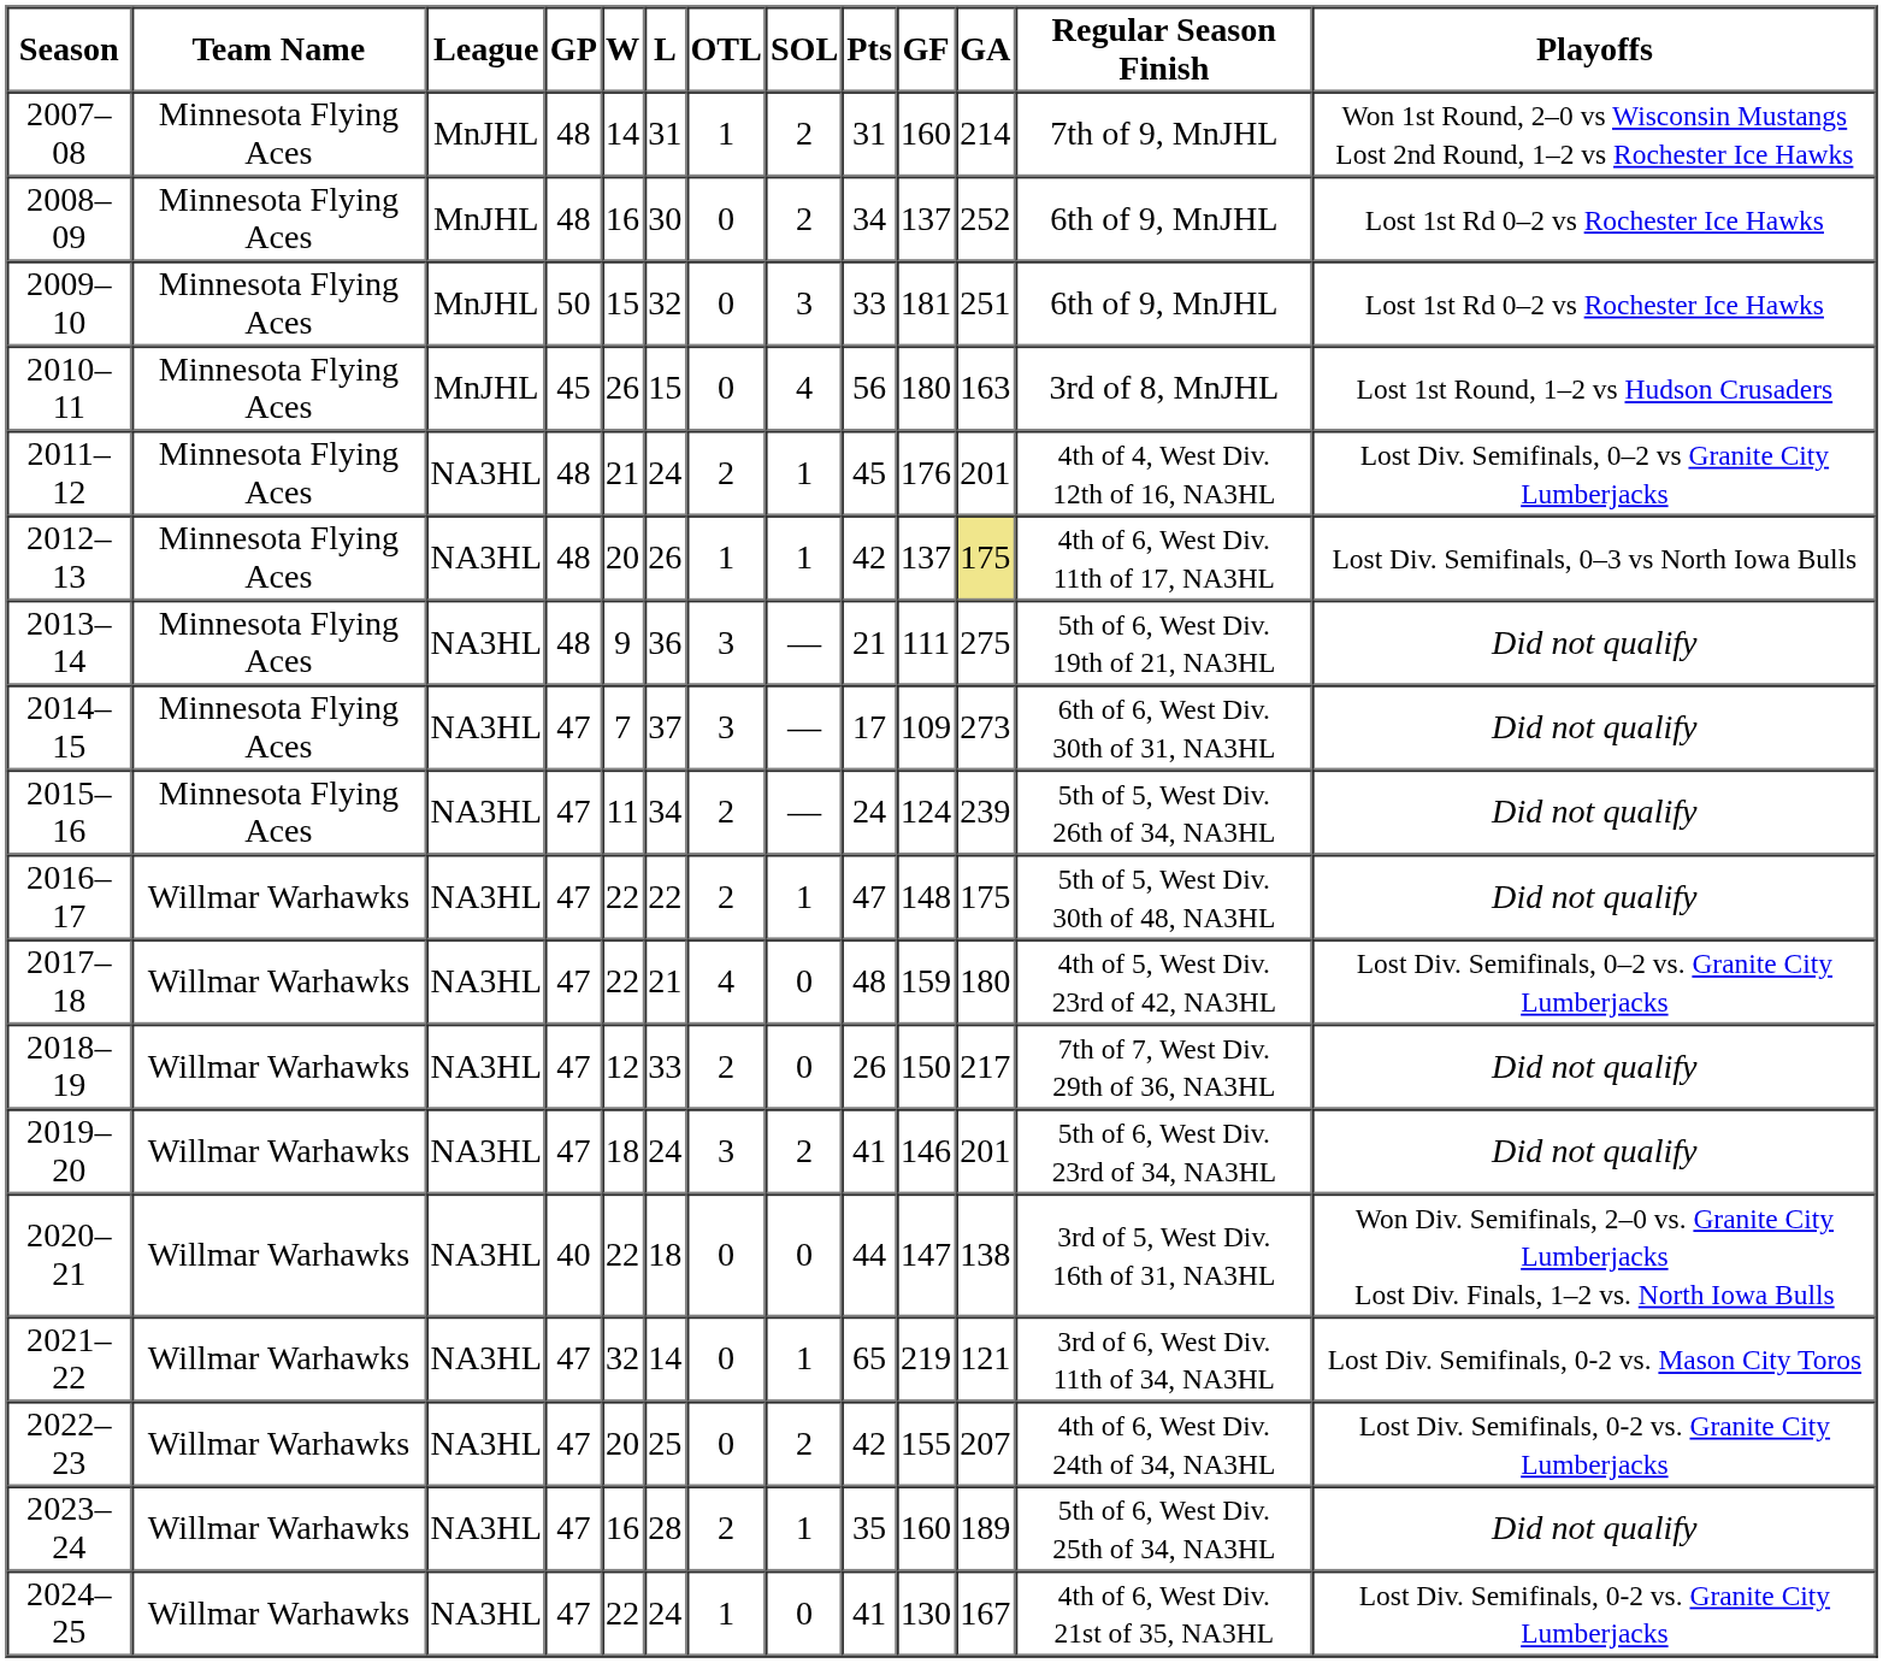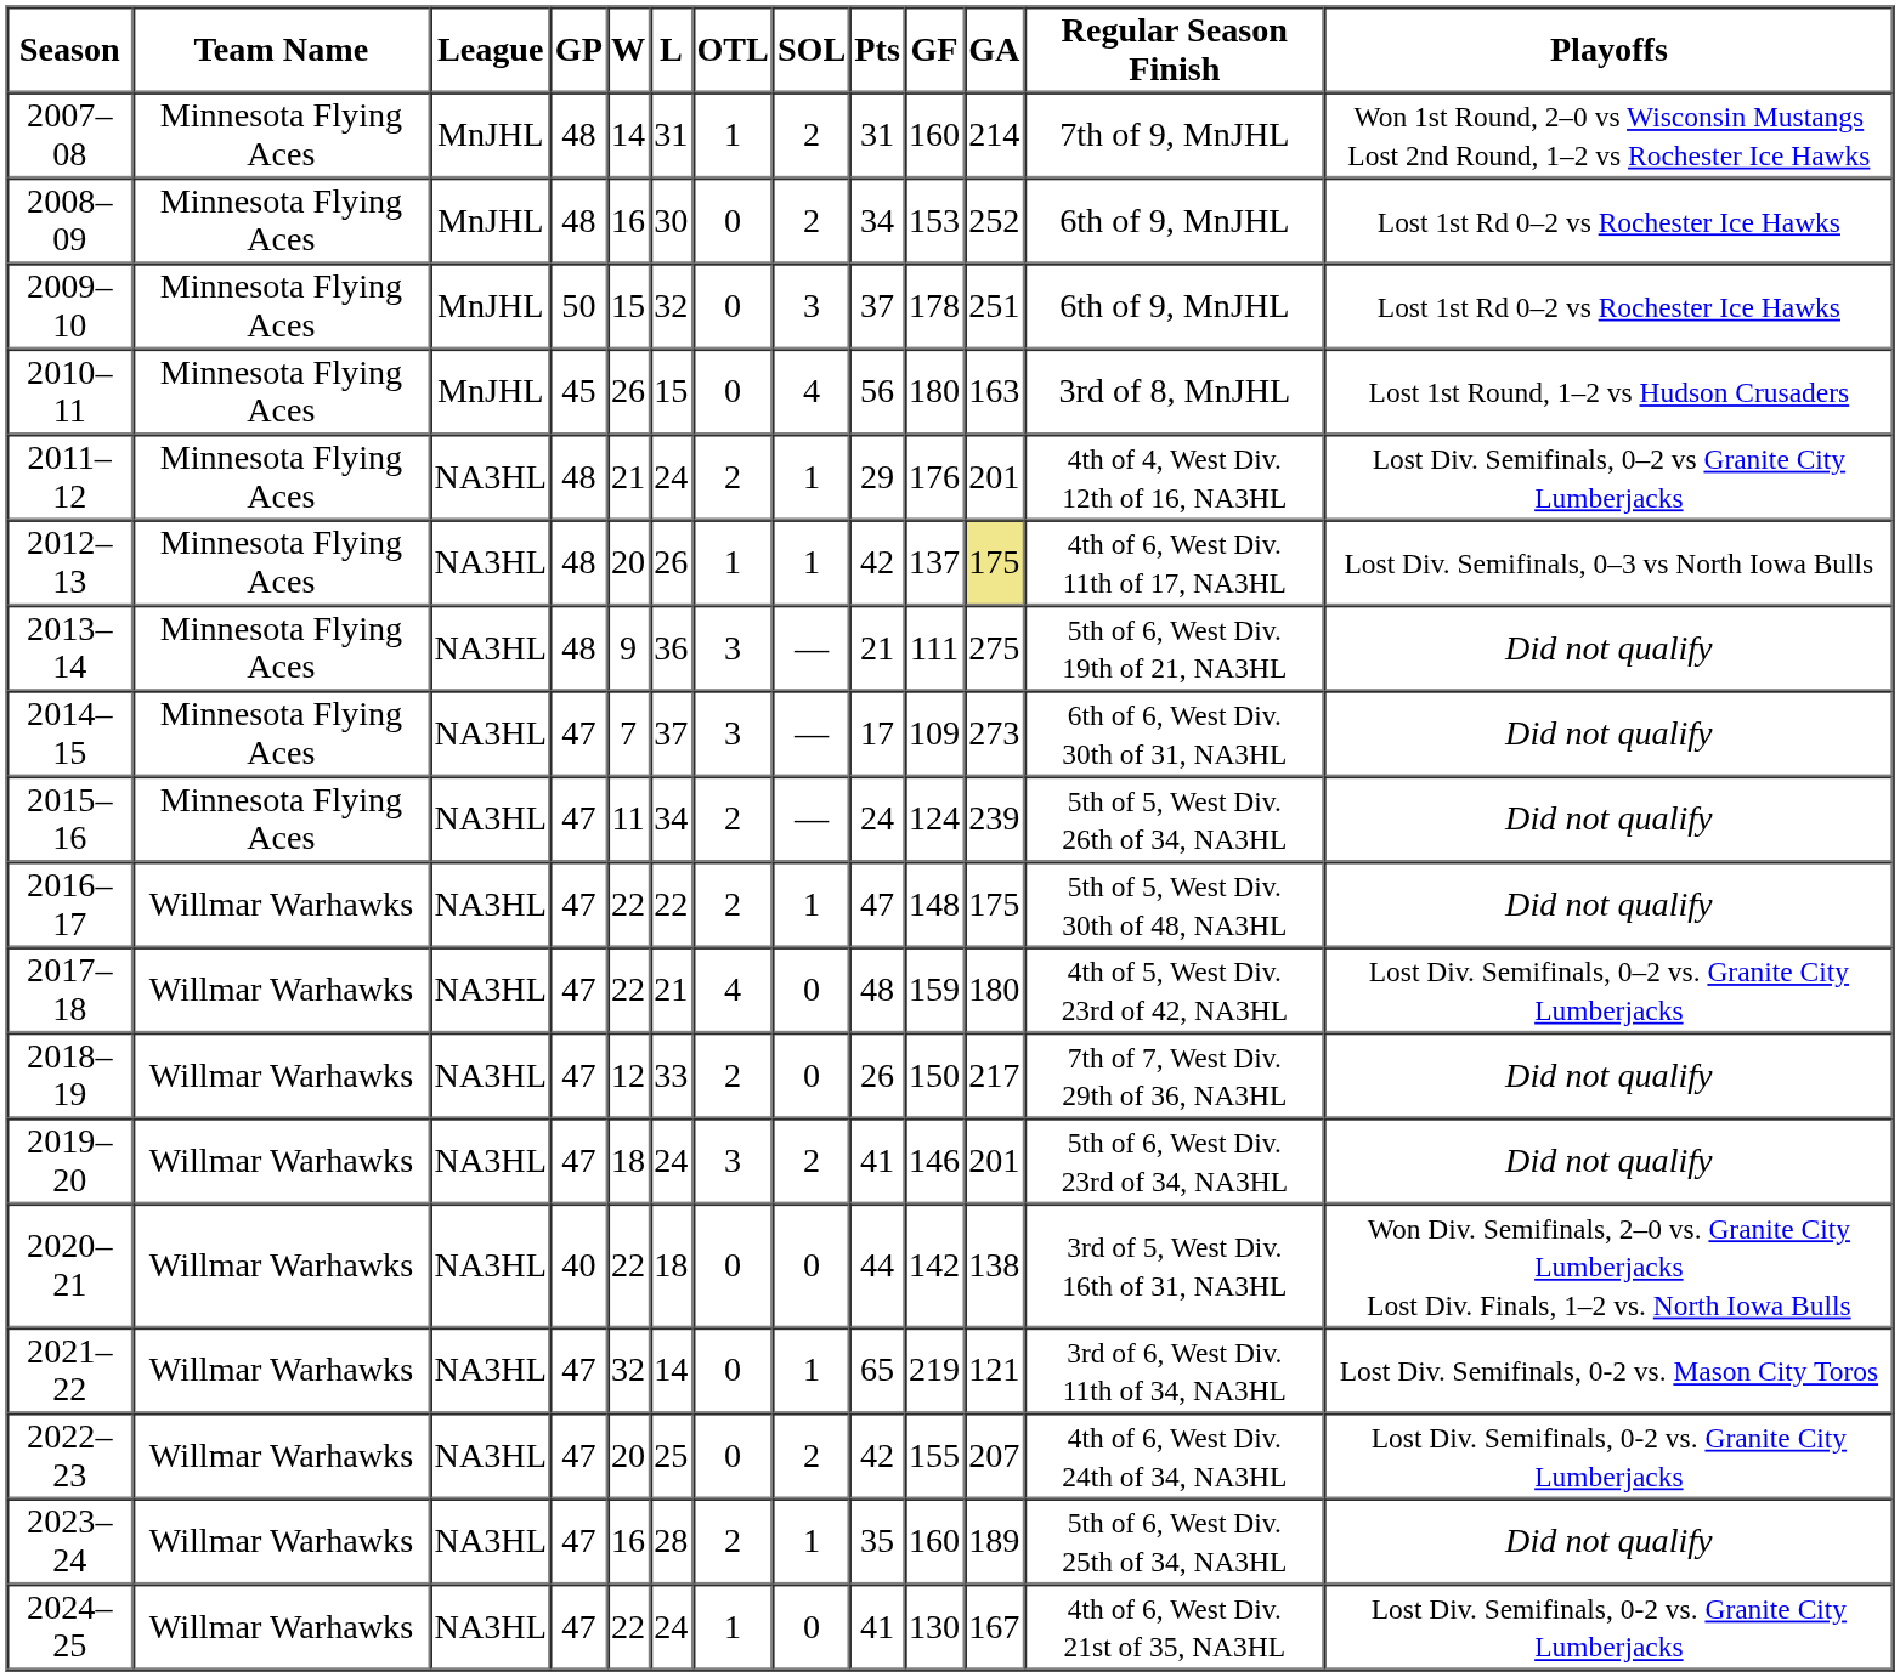 <table cellpadding="1" border="1" cellspacing="0" width="100%">
 <tr align="center">
 <th>Season</th>
 <th>Team Name</th>
 <th>League</th>
 <th>GP</th>
 <th>W</th>
 <th>L</th>
 <th>OTL</th>
 <th>SOL</th>
 <th>Pts</th>
 <th>GF</th>
 <th>GA</th>
 <th>Regular Season Finish</th>
 <th>Playoffs</th>
 </tr>
 <tr align="center">
 <td>2007–08</td>
 <td>Minnesota Flying Aces</td>
 <td>MnJHL</td>
 <td>48</td>
 <td>14</td>
 <td>31</td>
 <td>1</td>
 <td>2</td>
 <td>31</td>
 <td>160</td>
 <td>214</td>
 <td>7th of 9, MnJHL</td>
 <td><small>Won 1st Round, 2–0 vs <a href='#'>Wisconsin Mustangs</a><br>Lost 2nd Round, 1–2 vs <a href='#'>Rochester Ice Hawks</a></small></td>
 </tr>
 <tr align="center">
 <td>2008–09</td>
 <td>Minnesota Flying Aces</td>
 <td>MnJHL</td>
 <td>48</td>
 <td>16</td>
 <td>30</td>
 <td>0</td>
 <td>2</td>
 <td>34</td>
-<td>137</td>
+<td>153</td>
 <td>252</td>
 <td>6th of 9, MnJHL</td>
 <td><small>Lost 1st Rd 0–2 vs <a href='#'>Rochester Ice Hawks</a></small></td>
 </tr>
 <tr align="center">
 <td>2009–10</td>
 <td>Minnesota Flying Aces</td>
 <td>MnJHL</td>
 <td>50</td>
 <td>15</td>
 <td>32</td>
 <td>0</td>
 <td>3</td>
-<td>33</td>
-<td>181</td>
+<td>37</td>
+<td>178</td>
 <td>251</td>
 <td>6th of 9, MnJHL</td>
 <td><small>Lost 1st Rd 0–2 vs <a href='#'>Rochester Ice Hawks</a></small></td>
 </tr>
 <tr align="center">
 <td>2010–11</td>
 <td>Minnesota Flying Aces</td>
 <td>MnJHL</td>
 <td>45</td>
 <td>26</td>
 <td>15</td>
 <td>0</td>
 <td>4</td>
 <td>56</td>
 <td>180</td>
 <td>163</td>
 <td>3rd of 8, MnJHL</td>
 <td><small>Lost 1st Round, 1–2 vs <a href='#'>Hudson Crusaders</a></small></td>
 </tr>
 <tr align="center">
 <td>2011–12</td>
 <td>Minnesota Flying Aces</td>
 <td>NA3HL</td>
 <td>48</td>
 <td>21</td>
 <td>24</td>
 <td>2</td>
 <td>1</td>
-<td>45</td>
+<td>29</td>
 <td>176</td>
 <td>201</td>
 <td><small>4th of 4, West Div.<br>12th of 16, NA3HL</small></td>
 <td><small>Lost Div. Semifinals, 0–2 vs <a href='#'>Granite City Lumberjacks</a></small></td>
 </tr>
 <tr align="center">
 <td>2012–13</td>
 <td>Minnesota Flying Aces</td>
 <td>NA3HL</td>
 <td>48</td>
 <td>20</td>
 <td>26</td>
 <td>1</td>
 <td>1</td>
 <td>42</td>
 <td>137</td>
 <td style="background: khaki;">175</td>
 <td><small>4th of 6, West Div.<br>11th of 17, NA3HL</small></td>
 <td><small>Lost Div. Semifinals, 0–3 vs North Iowa Bulls</small></td>
 </tr>
 <tr align="center">
 <td>2013–14</td>
 <td>Minnesota Flying Aces</td>
 <td>NA3HL</td>
 <td>48</td>
 <td>9</td>
 <td>36</td>
 <td>3</td>
 <td>—</td>
 <td>21</td>
 <td>111</td>
 <td>275</td>
 <td><small>5th of 6, West Div.<br>19th of 21, NA3HL</small></td>
 <td><em>Did not qualify</em></td>
 </tr>
 <tr align="center">
 <td>2014–15</td>
 <td>Minnesota Flying Aces</td>
 <td>NA3HL</td>
 <td>47</td>
 <td>7</td>
 <td>37</td>
 <td>3</td>
 <td>—</td>
 <td>17</td>
 <td>109</td>
 <td>273</td>
 <td><small>6th of 6, West Div.<br>30th of 31, NA3HL</small></td>
 <td><em>Did not qualify</em></td>
 </tr>
 <tr align="center">
 <td>2015–16</td>
 <td>Minnesota Flying Aces</td>
 <td>NA3HL</td>
 <td>47</td>
 <td>11</td>
 <td>34</td>
 <td>2</td>
 <td>—</td>
 <td>24</td>
 <td>124</td>
 <td>239</td>
 <td><small>5th of 5, West Div.<br>26th of 34, NA3HL</small></td>
 <td><em>Did not qualify</em></td>
 </tr>
 <tr align="center">
 <td>2016–17</td>
 <td>Willmar Warhawks</td>
 <td>NA3HL</td>
 <td>47</td>
 <td>22</td>
 <td>22</td>
 <td>2</td>
 <td>1</td>
 <td>47</td>
 <td>148</td>
 <td>175</td>
 <td><small>5th of 5, West Div.<br>30th of 48, NA3HL</small></td>
 <td><em>Did not qualify</em></td>
 </tr>
 <tr align="center">
 <td>2017–18</td>
 <td>Willmar Warhawks</td>
 <td>NA3HL</td>
 <td>47</td>
 <td>22</td>
 <td>21</td>
 <td>4</td>
 <td>0</td>
 <td>48</td>
 <td>159</td>
 <td>180</td>
 <td><small>4th of 5, West Div.<br>23rd of 42, NA3HL</small></td>
 <td><small>Lost Div. Semifinals, 0–2 vs. <a href='#'>Granite City Lumberjacks</a></small></td>
 </tr>
 <tr align="center">
 <td>2018–19</td>
 <td>Willmar Warhawks</td>
 <td>NA3HL</td>
 <td>47</td>
 <td>12</td>
 <td>33</td>
 <td>2</td>
 <td>0</td>
 <td>26</td>
 <td>150</td>
 <td>217</td>
 <td><small>7th of 7, West Div.<br>29th of 36, NA3HL</small></td>
 <td><em>Did not qualify</em></td>
 </tr>
 <tr align="center">
 <td>2019–20</td>
 <td>Willmar Warhawks</td>
 <td>NA3HL</td>
 <td>47</td>
 <td>18</td>
 <td>24</td>
 <td>3</td>
 <td>2</td>
 <td>41</td>
 <td>146</td>
 <td>201</td>
 <td><small>5th of 6, West Div.<br>23rd of 34, NA3HL</small></td>
 <td><em>Did not qualify</em></td>
 </tr>
 <tr align="center">
 <td>2020–21</td>
 <td>Willmar Warhawks</td>
 <td>NA3HL</td>
 <td>40</td>
 <td>22</td>
 <td>18</td>
 <td>0</td>
 <td>0</td>
 <td>44</td>
-<td>147</td>
+<td>142</td>
 <td>138</td>
 <td><small>3rd of 5, West Div.<br>16th of 31, NA3HL</small></td>
 <td><small>Won Div. Semifinals, 2–0 vs. <a href='#'>Granite City Lumberjacks</a><br>Lost Div. Finals, 1–2 vs. <a href='#'>North Iowa Bulls</a></small></td>
 </tr>
 <tr align="center">
 <td>2021–22</td>
 <td>Willmar Warhawks</td>
 <td>NA3HL</td>
 <td>47</td>
 <td>32</td>
 <td>14</td>
 <td>0</td>
 <td>1</td>
 <td>65</td>
 <td>219</td>
 <td>121</td>
 <td><small>3rd of 6, West Div.<br>11th of 34, NA3HL</small></td>
 <td><small>Lost Div. Semifinals, 0-2 vs. <a href='#'>Mason City Toros</a></small></td>
 </tr>
 <tr align="center">
 <td>2022–23</td>
 <td>Willmar Warhawks</td>
 <td>NA3HL</td>
 <td>47</td>
 <td>20</td>
 <td>25</td>
 <td>0</td>
 <td>2</td>
 <td>42</td>
 <td>155</td>
 <td>207</td>
 <td><small>4th of 6, West Div.<br>24th of 34, NA3HL</small></td>
 <td><small>Lost Div. Semifinals, 0-2 vs. <a href='#'>Granite City Lumberjacks</a></small></td>
 </tr>
 <tr align="center">
 <td>2023–24</td>
 <td>Willmar Warhawks</td>
 <td>NA3HL</td>
 <td>47</td>
 <td>16</td>
 <td>28</td>
 <td>2</td>
 <td>1</td>
 <td>35</td>
 <td>160</td>
 <td>189</td>
 <td><small>5th of 6, West Div.<br>25th of 34, NA3HL</small></td>
 <td><em>Did not qualify</em></td>
 </tr>
 <tr align="center">
 <td>2024–25</td>
 <td>Willmar Warhawks</td>
 <td>NA3HL</td>
 <td>47</td>
 <td>22</td>
 <td>24</td>
 <td>1</td>
 <td>0</td>
 <td>41</td>
 <td>130</td>
 <td>167</td>
 <td><small>4th of 6, West Div.<br>21st of 35, NA3HL</small></td>
 <td><small>Lost Div. Semifinals, 0-2 vs. <a href='#'>Granite City Lumberjacks</a></small></td>
 </tr>
 </table>
